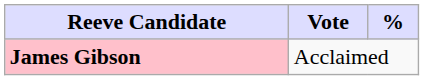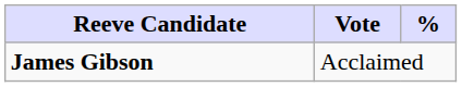 <table class="wikitable">
 <tr>
 <th style="background:#ddf; width:200px;">Reeve Candidate</th>
 <th style="background:#ddf; width:50px;">Vote</th>
 <th style="background:#ddf; width:30px;">%</th>
 </tr>
 <tr>
-<td style="background: pink;"><strong>James Gibson</strong></td>
+<td><strong>James Gibson</strong></td>
 <td colspan="2">Acclaimed</td>
 </tr>
 </table>
